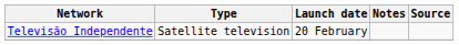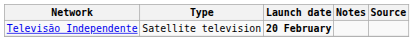 <table class="wikitable sortable">
 <tr>
 <th>Network</th>
 <th>Type</th>
 <th>Launch date</th>
 <th>Notes</th>
 <th>Source</th>
 </tr>
 <tr>
 <td><a href='#'>Televisão Independente</a></td>
 <td>Satellite television</td>
-<td>20 February</td>
+<td><strong>20 February</strong></td>
 <td></td>
 <td></td>
 </tr>
 <tr>
 </tr>
 </table>
